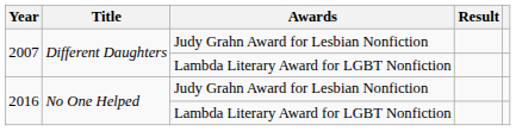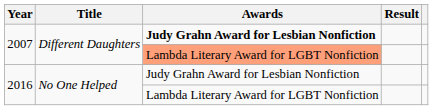 <table class="wikitable">
 <tr>
 <th>Year</th>
 <th>Title</th>
 <th>Awards</th>
 <th>Result</th>
 <th></th>
 </tr>
 <tr>
 <td rowspan="2">2007</td>
 <td rowspan="2"><em>Different Daughters</em></td>
-<td>Judy Grahn Award for Lesbian Nonfiction</td>
+<td><strong>Judy Grahn Award for Lesbian Nonfiction</strong></td>
 <td></td>
 <td></td>
 </tr>
 <tr>
-<td>Lambda Literary Award for LGBT Nonfiction</td>
+<td style="background: lightsalmon;">Lambda Literary Award for LGBT Nonfiction</td>
 <td></td>
 <td></td>
 </tr>
 <tr>
 <td rowspan="2">2016</td>
 <td rowspan="2"><em>No One Helped</em></td>
 <td>Judy Grahn Award for Lesbian Nonfiction</td>
 <td></td>
 <td></td>
 </tr>
 <tr>
 <td>Lambda Literary Award for LGBT Nonfiction</td>
 <td></td>
 <td></td>
 </tr>
 </table>
